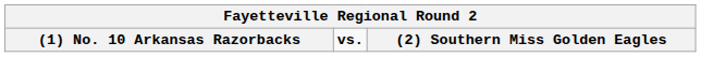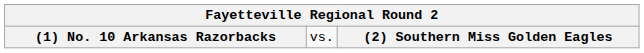 <table class="wikitable">
 <tr>
 <th style="width: 595px;" colspan=3>Fayetteville Regional Round 2</th>
 </tr>
 <tr>
 <th style="width: 287px; ">(1) No. 10 Arkansas Razorbacks</th>
-<td style="width: 20px; text-align:center"><strong>vs.</strong></td>
+<td style="width: 20px; text-align:center">vs.</td>
 <th style="width: 287px; ">(2) Southern Miss Golden Eagles</th>
 </tr>
 </table>
